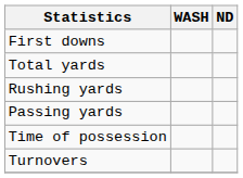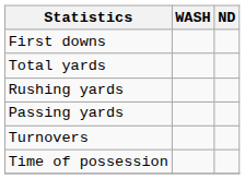 <table class="wikitable" style="float: left;">
 <tr>
 <th>Statistics</th>
 <th>WASH</th>
 <th>ND</th>
 </tr>
 <tr>
 <td>First downs</td>
 <td></td>
 <td></td>
 </tr>
 <tr>
 <td>Total yards</td>
 <td></td>
 <td></td>
 </tr>
 <tr>
 <td>Rushing yards</td>
 <td></td>
 <td></td>
 </tr>
 <tr>
 <td>Passing yards</td>
 <td></td>
 <td></td>
 </tr>
 <tr>
-<td>Time of possession</td>
+<td>Turnovers</td>
 <td></td>
 <td></td>
 </tr>
 <tr>
-<td>Turnovers</td>
+<td>Time of possession</td>
 <td></td>
 <td></td>
 </tr>
 <tr>
 </tr>
 </table>
